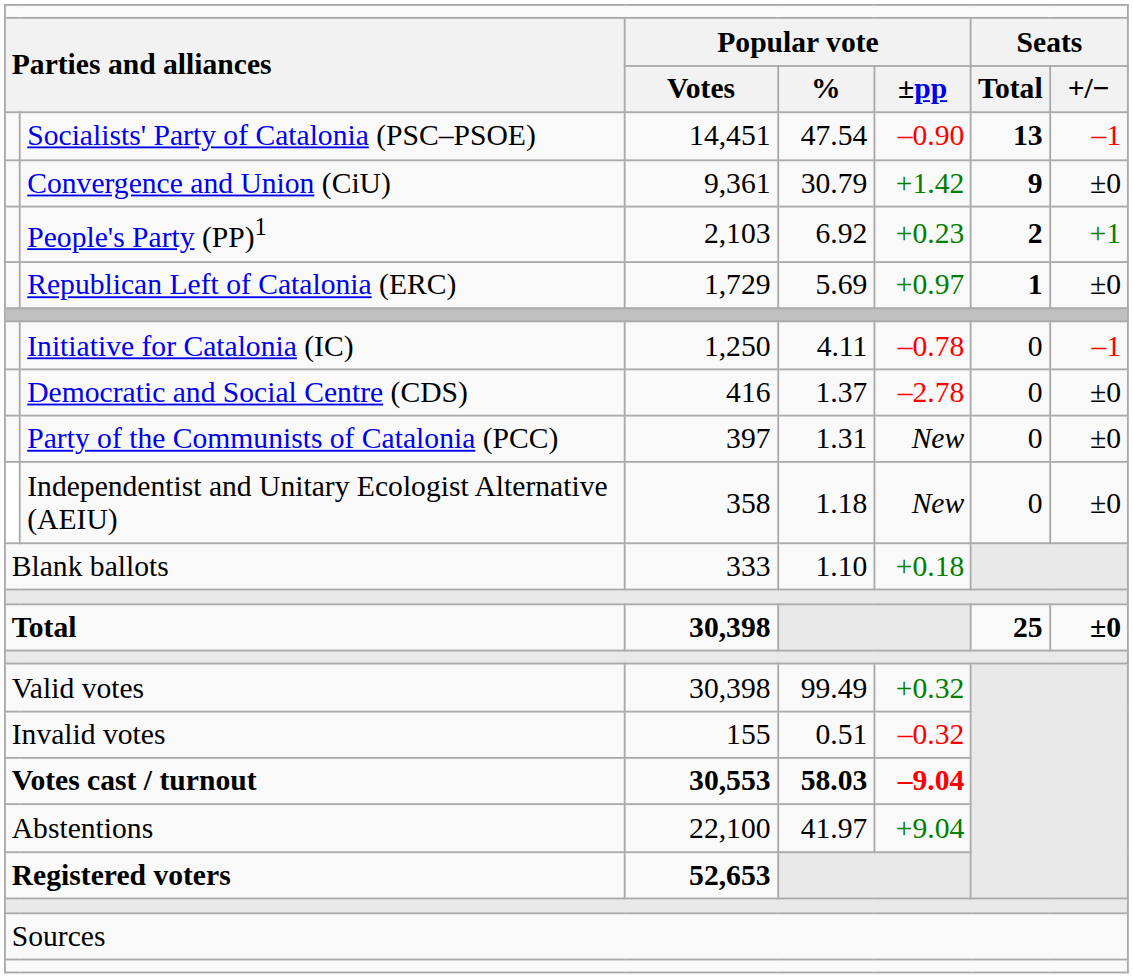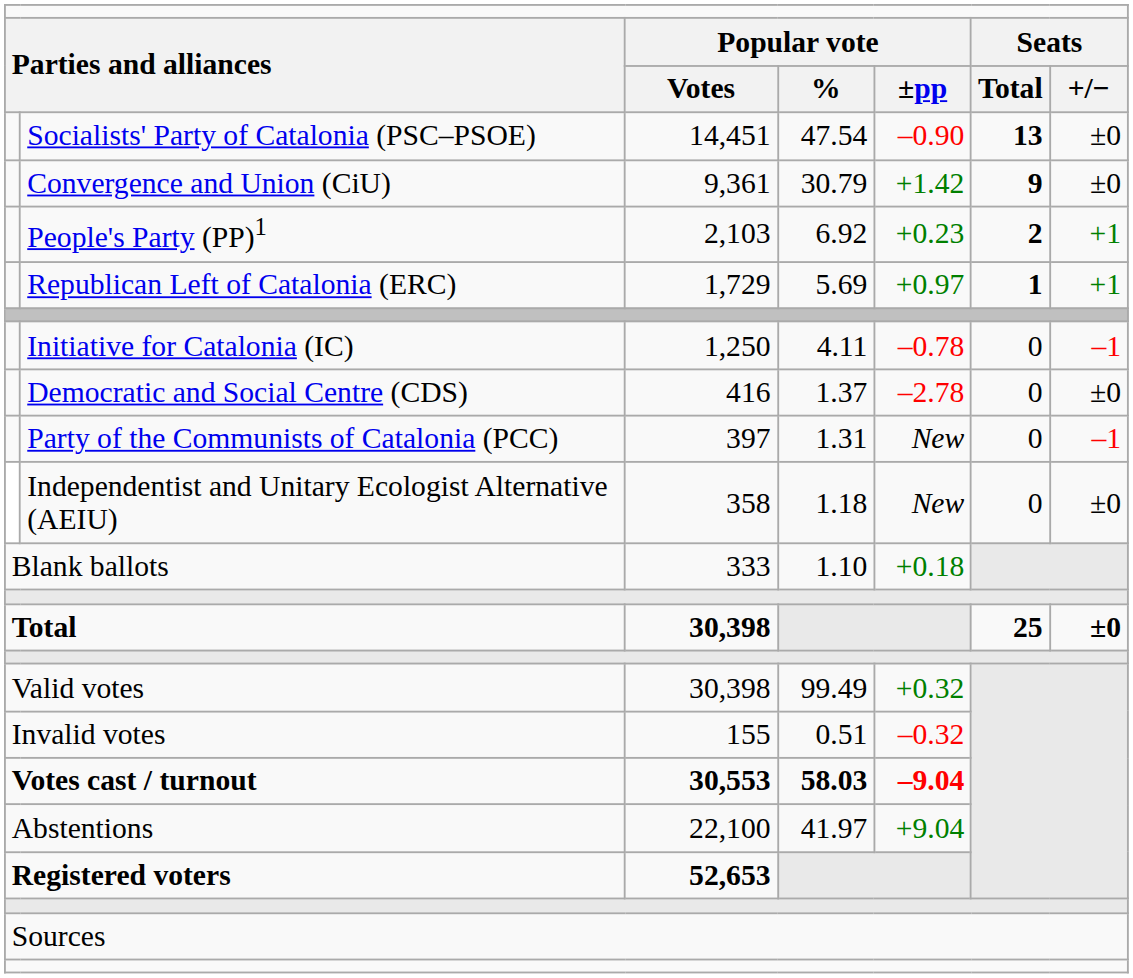 <table class="wikitable" style="text-align:right;">
 <tr>
 <td colspan="7"></td>
 </tr>
 <tr>
 <th style="text-align:left;" rowspan="2" colspan="2" width="525">Parties and alliances</th>
 <th colspan="3">Popular vote</th>
 <th colspan="2">Seats</th>
 </tr>
 <tr>
 <th width="75">Votes</th>
 <th width="45">%</th>
 <th width="45">±<a href='#'>pp</a></th>
 <th width="35">Total</th>
 <th width="35">+/−</th>
 </tr>
 <tr>
 <td width="1" style="color:inherit;background:"></td>
 <td align="left"><a href='#'>Socialists' Party of Catalonia</a> (PSC–PSOE)</td>
 <td>14,451</td>
 <td>47.54</td>
 <td style="color:red;">–0.90</td>
 <td><strong>13</strong></td>
-<td style="color:red;">–1</td>
+<td>±0</td>
 </tr>
 <tr>
 <td style="color:inherit;background:"></td>
 <td align="left"><a href='#'>Convergence and Union</a> (CiU)</td>
 <td>9,361</td>
 <td>30.79</td>
 <td style="color:green;">+1.42</td>
 <td><strong>9</strong></td>
 <td>±0</td>
 </tr>
 <tr>
 <td style="color:inherit;background:"></td>
 <td align="left"><a href='#'>People's Party</a> (PP)<sup>1</sup></td>
 <td>2,103</td>
 <td>6.92</td>
 <td style="color:green;">+0.23</td>
 <td><strong>2</strong></td>
 <td style="color:green;">+1</td>
 </tr>
 <tr>
 <td style="color:inherit;background:"></td>
 <td align="left"><a href='#'>Republican Left of Catalonia</a> (ERC)</td>
 <td>1,729</td>
 <td>5.69</td>
 <td style="color:green;">+0.97</td>
 <td><strong>1</strong></td>
-<td>±0</td>
+<td style="color:green;">+1</td>
 </tr>
 <tr>
 <td colspan="7" style="color:inherit;background:#C0C0C0"></td>
 </tr>
 <tr>
 <td style="color:inherit;background:"></td>
 <td align="left"><a href='#'>Initiative for Catalonia</a> (IC)</td>
 <td>1,250</td>
 <td>4.11</td>
 <td style="color:red;">–0.78</td>
 <td>0</td>
 <td style="color:red;">–1</td>
 </tr>
 <tr>
 <td style="color:inherit;background:"></td>
 <td align="left"><a href='#'>Democratic and Social Centre</a> (CDS)</td>
 <td>416</td>
 <td>1.37</td>
 <td style="color:red;">–2.78</td>
 <td>0</td>
 <td>±0</td>
 </tr>
 <tr>
 <td style="color:inherit;background:"></td>
 <td align="left"><a href='#'>Party of the Communists of Catalonia</a> (PCC)</td>
 <td>397</td>
 <td>1.31</td>
 <td><em>New</em></td>
 <td>0</td>
-<td>±0</td>
+<td style="color:red;">–1</td>
 </tr>
 <tr>
 <td bgcolor="white"></td>
 <td align="left">Independentist and Unitary Ecologist Alternative (AEIU)</td>
 <td>358</td>
 <td>1.18</td>
 <td><em>New</em></td>
 <td>0</td>
 <td>±0</td>
 </tr>
 <tr>
 <td align="left" colspan="2">Blank ballots</td>
 <td>333</td>
 <td>1.10</td>
 <td style="color:green;">+0.18</td>
 <td style="color:inherit;background:#E9E9E9" colspan="2"></td>
 </tr>
 <tr>
 <td colspan="7" style="color:inherit;background:#E9E9E9"></td>
 </tr>
 <tr style="font-weight:bold;">
 <td align="left" colspan="2">Total</td>
 <td>30,398</td>
 <td bgcolor="#E9E9E9" colspan="2"></td>
 <td>25</td>
 <td>±0</td>
 </tr>
 <tr>
 <td colspan="7" style="color:inherit;background:#E9E9E9"></td>
 </tr>
 <tr>
 <td align="left" colspan="2">Valid votes</td>
 <td>30,398</td>
 <td>99.49</td>
 <td style="color:green;">+0.32</td>
 <td bgcolor="#E9E9E9" colspan="2" rowspan="5"></td>
 </tr>
 <tr>
 <td align="left" colspan="2">Invalid votes</td>
 <td>155</td>
 <td>0.51</td>
 <td style="color:red;">–0.32</td>
 </tr>
 <tr style="font-weight:bold;">
 <td align="left" colspan="2">Votes cast / turnout</td>
 <td>30,553</td>
 <td>58.03</td>
 <td style="color:red;">–9.04</td>
 </tr>
 <tr>
 <td align="left" colspan="2">Abstentions</td>
 <td>22,100</td>
 <td>41.97</td>
 <td style="color:green;">+9.04</td>
 </tr>
 <tr style="font-weight:bold;">
 <td align="left" colspan="2">Registered voters</td>
 <td>52,653</td>
 <td bgcolor="#E9E9E9" colspan="2"></td>
 </tr>
 <tr>
 <td colspan="7" style="color:inherit;background:#E9E9E9"></td>
 </tr>
 <tr>
 <td align="left" colspan="7">Sources</td>
 </tr>
 <tr>
 <td colspan="7" style="text-align:left; max-width:790px;"></td>
 </tr>
 </table>
